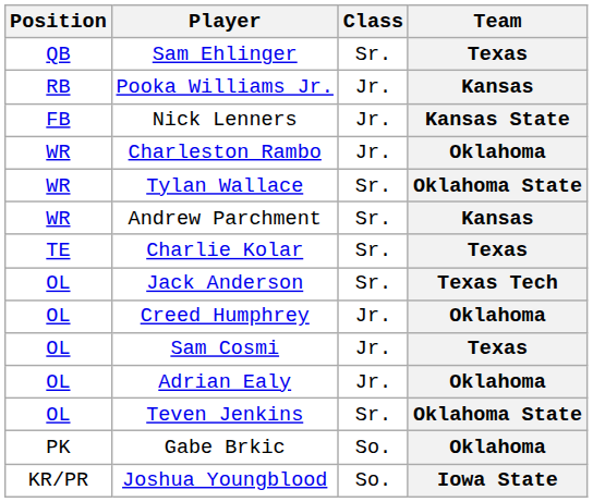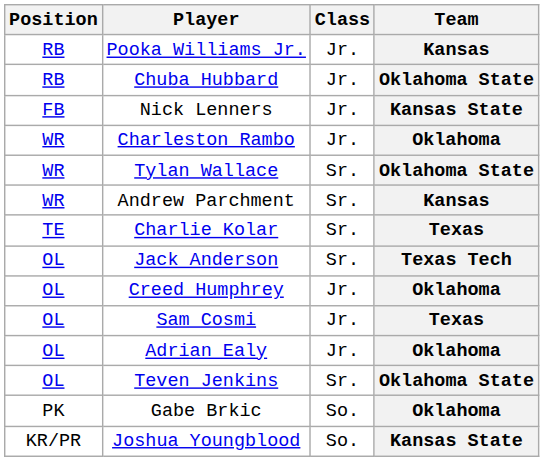 <table class="wikitable sortable" border="1">
 <tr>
 <th>Position</th>
 <th>Player</th>
 <th>Class</th>
 <th>Team</th>
 </tr>
 <tr>
-<td style="text-align:center; background:white"><a href='#'>QB</a></td>
-<td style="text-align:center; background:white"><a href='#'>Sam Ehlinger</a></td>
-<td style="text-align:center; background:white">Sr.</td>
-<th>Texas</th>
-</tr>
-<tr>
 <td style="text-align:center; background:white"><a href='#'>RB</a></td>
 <td style="text-align:center; background:white"><a href='#'>Pooka Williams Jr.</a></td>
 <td style="text-align:center; background:white">Jr.</td>
 <th>Kansas</th>
+</tr>
+<tr>
+<td style="text-align:center; background:white"><a href='#'>RB</a></td>
+<td style="text-align:center; background:white"><a href='#'>Chuba Hubbard</a></td>
+<td style="text-align:center; background:white">Jr.</td>
+<th>Oklahoma State</th>
 </tr>
 <tr>
 <td style="text-align:center; background:white"><a href='#'>FB</a></td>
 <td style="text-align:center; background:white">Nick Lenners</td>
 <td style="text-align:center; background:white">Jr.</td>
 <th>Kansas State</th>
 </tr>
 <tr>
 <td style="text-align:center; background:white"><a href='#'>WR</a></td>
 <td style="text-align:center; background:white"><a href='#'>Charleston Rambo</a></td>
 <td style="text-align:center; background:white">Jr.</td>
 <th>Oklahoma</th>
 </tr>
 <tr>
 <td style="text-align:center; background:white"><a href='#'>WR</a></td>
 <td style="text-align:center; background:white"><a href='#'>Tylan Wallace</a></td>
 <td style="text-align:center; background:white">Sr.</td>
 <th>Oklahoma State</th>
 </tr>
 <tr>
 <td style="text-align:center; background:white"><a href='#'>WR</a></td>
 <td style="text-align:center; background:white">Andrew Parchment</td>
 <td style="text-align:center; background:white">Sr.</td>
 <th>Kansas</th>
 </tr>
 <tr>
 <td style="text-align:center; background:white"><a href='#'>TE</a></td>
 <td style="text-align:center; background:white"><a href='#'>Charlie Kolar</a></td>
 <td style="text-align:center; background:white">Sr.</td>
 <th>Texas</th>
 </tr>
 <tr>
 <td style="text-align:center; background:white"><a href='#'>OL</a></td>
 <td style="text-align:center; background:white"><a href='#'>Jack Anderson</a></td>
 <td style="text-align:center; background:white">Sr.</td>
 <th>Texas Tech</th>
 </tr>
 <tr>
 <td style="text-align:center; background:white"><a href='#'>OL</a></td>
 <td style="text-align:center; background:white"><a href='#'>Creed Humphrey</a></td>
 <td style="text-align:center; background:white">Jr.</td>
 <th>Oklahoma</th>
 </tr>
 <tr>
 <td style="text-align:center; background:white"><a href='#'>OL</a></td>
 <td style="text-align:center; background:white"><a href='#'>Sam Cosmi</a></td>
 <td style="text-align:center; background:white">Jr.</td>
 <th>Texas</th>
 </tr>
 <tr>
 <td style="text-align:center; background:white"><a href='#'>OL</a></td>
 <td style="text-align:center; background:white"><a href='#'>Adrian Ealy</a></td>
 <td style="text-align:center; background:white">Jr.</td>
 <th>Oklahoma</th>
 </tr>
 <tr>
 <td style="text-align:center; background:white"><a href='#'>OL</a></td>
 <td style="text-align:center; background:white"><a href='#'>Teven Jenkins</a></td>
 <td style="text-align:center; background:white">Sr.</td>
 <th>Oklahoma State</th>
 </tr>
 <tr>
 <td style="text-align:center; background:white">PK</td>
 <td style="text-align:center; background:white">Gabe Brkic</td>
 <td style="text-align:center; background:white">So.</td>
 <th>Oklahoma</th>
 </tr>
 <tr>
 <td style="text-align:center; background:white">KR/PR</td>
 <td style="text-align:center; background:white"><a href='#'>Joshua Youngblood</a></td>
 <td style="text-align:center; background:white">So.</td>
-<th>Iowa State</th>
+<th>Kansas State</th>
 </tr>
 </table>
